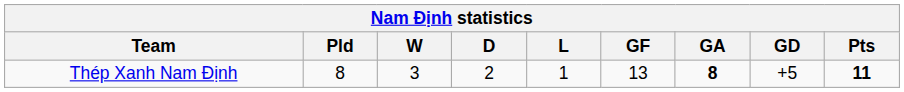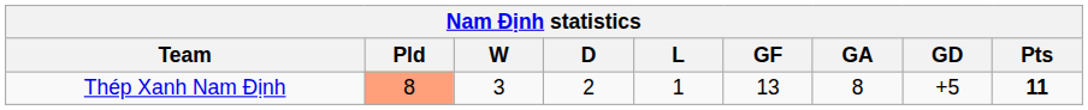 <table width=65% class="wikitable" style="text-align:">
 <tr>
 <th colspan=9><a href='#'>Nam Định</a> statistics</th>
 </tr>
 <tr>
 <th width=20%>Team</th>
 <th width=5%>Pld</th>
 <th width=5%>W</th>
 <th width=5%>D</th>
 <th width=5%>L</th>
 <th width=5%>GF</th>
 <th width=5%>GA</th>
 <th width=5%>GD</th>
 <th width=5%>Pts</th>
 </tr>
 <tr style="text-align:center;">
 <td> <a href='#'>Thép Xanh Nam Định</a></td>
-<td>8</td>
+<td style="background: lightsalmon;">8</td>
 <td>3</td>
 <td>2</td>
 <td>1</td>
 <td>13</td>
-<td><strong>8</strong></td>
+<td>8</td>
 <td>+5</td>
 <td><strong>11</strong></td>
 </tr>
 </table>
